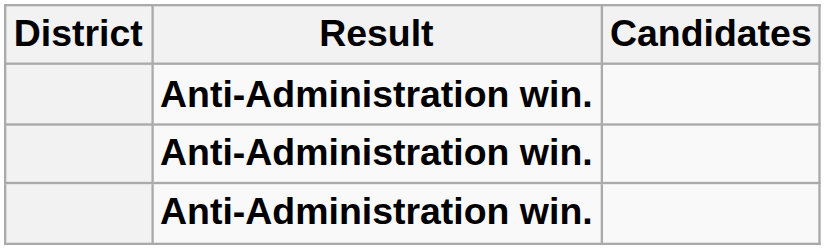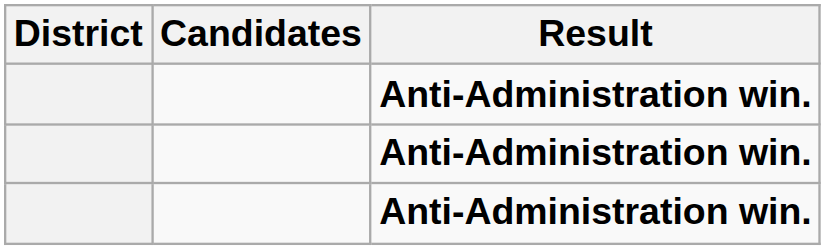 <table class=wikitable>
 <tr valign=bottom>
 <th>District</th>
+<th>Candidates</th>
 <th>Result</th>
-<th>Candidates</th>
 </tr>
 <tr>
 <th><br></th>
+<td nowrap></td>
 <td><strong>Anti-Administration win.</strong></td>
-<td nowrap></td>
 </tr>
 <tr>
 <th><br></th>
+<td nowrap><br></td>
 <td><strong>Anti-Administration win.</strong></td>
-<td nowrap><br></td>
 </tr>
 <tr>
 <th><br></th>
+<td nowrap><br></td>
 <td><strong>Anti-Administration win.</strong></td>
-<td nowrap><br></td>
 </tr>
 </table>
